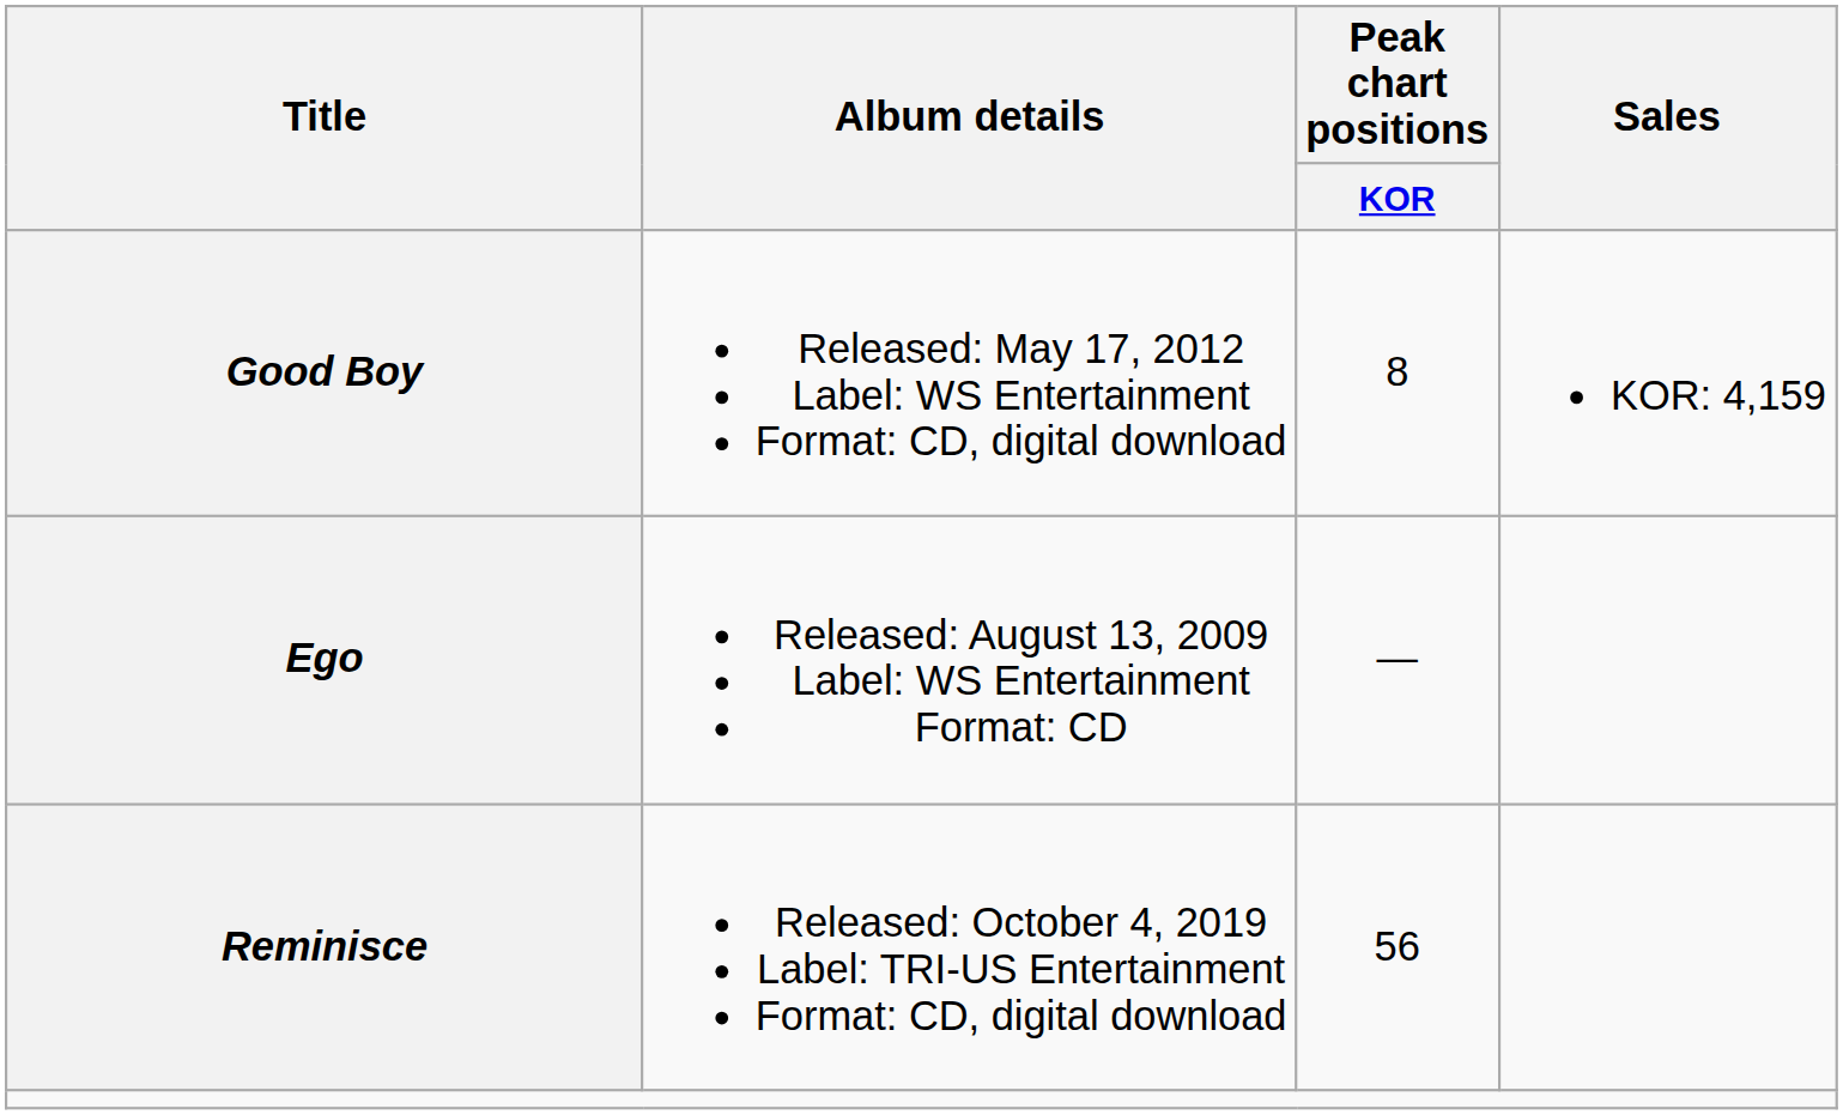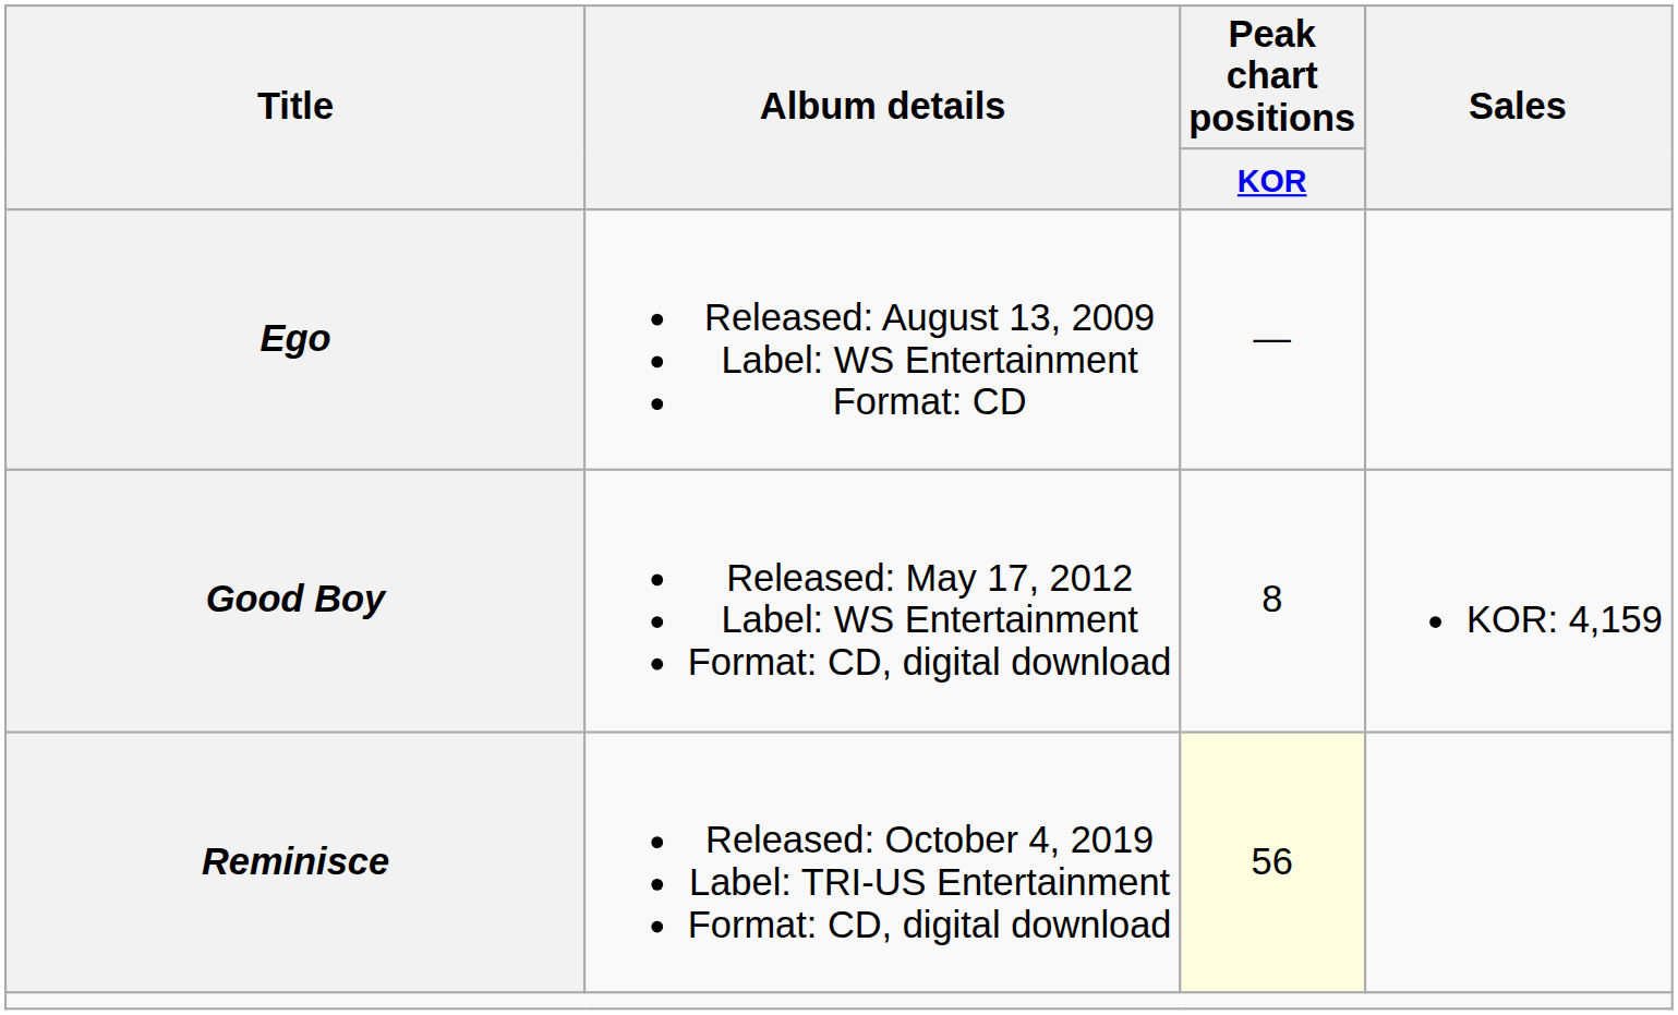 <table class="wikitable plainrowheaders" style="text-align:center;">
 <tr>
 <th scope="col" rowspan="2" style="width:15em;">Title</th>
 <th scope="col" rowspan="2">Album details</th>
 <th scope="col" colspan="1">Peak chart positions</th>
 <th scope="col" rowspan="2">Sales</th>
 </tr>
 <tr>
 <th scope="col" style="width:3em"><small><a href='#'>KOR</a></small><br></th>
 </tr>
 <tr>
+<th scope="row"><em>Ego</em></th>
+<td><br><ul><li>Released: August 13, 2009</li><li>Label: WS Entertainment</li><li>Format: CD</li></ul></td>
+<td>—</td>
+<td></td>
+</tr>
+<tr>
 <th scope="row"><em>Good Boy</em></th>
 <td><br><ul><li>Released: May 17, 2012</li><li>Label: WS Entertainment</li><li>Format: CD, digital download</li></ul></td>
 <td>8</td>
 <td><br><ul><li>KOR: 4,159</li></ul></td>
 </tr>
 <tr>
-<th scope="row"><em>Ego</em></th>
-<td><br><ul><li>Released: August 13, 2009</li><li>Label: WS Entertainment</li><li>Format: CD</li></ul></td>
-<td>—</td>
-<td></td>
-</tr>
-<tr>
 <th scope="row"><em>Reminisce</em></th>
 <td><br><ul><li>Released: October 4, 2019</li><li>Label: TRI-US Entertainment</li><li>Format: CD, digital download</li></ul></td>
-<td>56</td>
+<td style="background: lightyellow;">56</td>
 <td></td>
 </tr>
 <tr>
 <td colspan="4"></td>
 </tr>
 </table>
